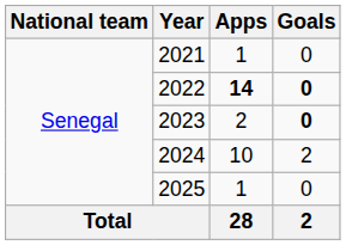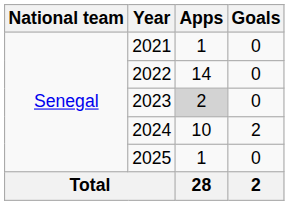 <table class="wikitable" style="text-align:center">
 <tr>
 <th>National team</th>
 <th>Year</th>
 <th>Apps</th>
 <th>Goals</th>
 </tr>
 <tr>
 <td rowspan="5"><a href='#'>Senegal</a></td>
 <td>2021</td>
 <td>1</td>
 <td>0</td>
 </tr>
 <tr>
 <td>2022</td>
-<td><strong>14</strong></td>
-<td><strong>0</strong></td>
+<td>14</td>
+<td>0</td>
 </tr>
 <tr>
 <td>2023</td>
-<td>2</td>
-<td><strong>0</strong></td>
+<td style="background: lightgrey;">2</td>
+<td>0</td>
 </tr>
 <tr>
 <td>2024</td>
 <td>10</td>
 <td>2</td>
 </tr>
 <tr>
 <td>2025</td>
 <td>1</td>
 <td>0</td>
 </tr>
 <tr>
 <th colspan="2">Total</th>
 <th>28</th>
 <th>2</th>
 </tr>
 </table>
